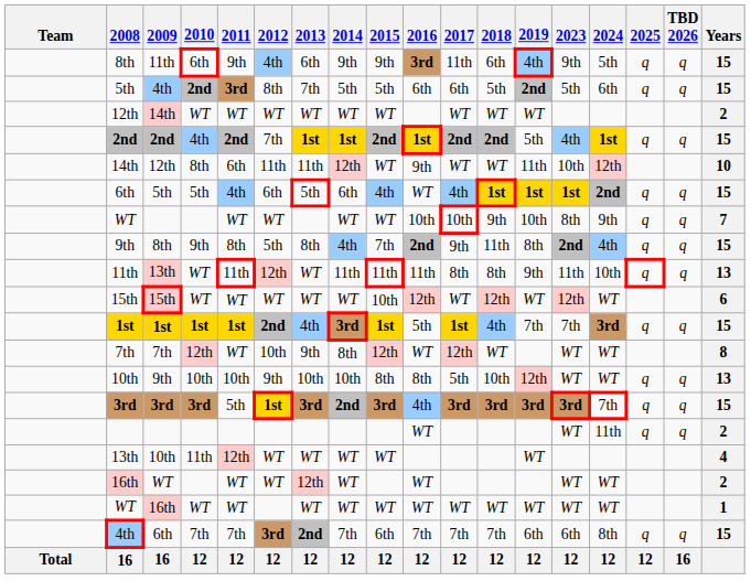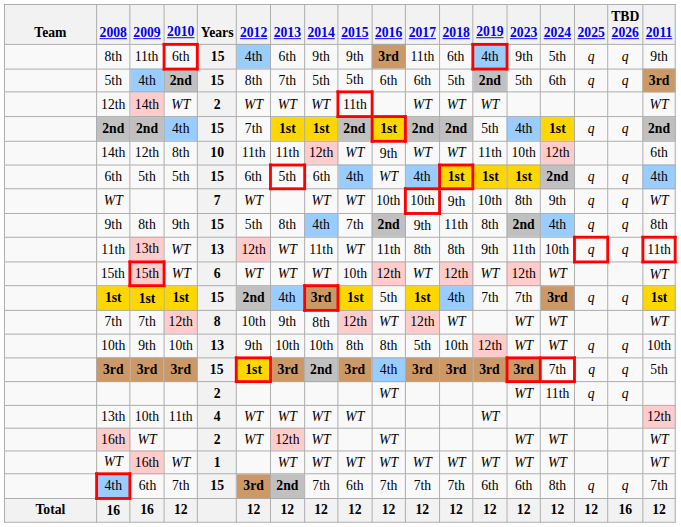 <table class="wikitable sortable" style="text-align:center; font-size:90%">
 <tr valign="bottom">
 <th width=90>Team</th>
 <th><br><a href='#'>2008</a></th>
 <th><br><a href='#'>2009</a></th>
 <th><br><a href='#'>2010</a></th>
-<th><br><a href='#'>2011</a></th>
+<th>Years</th>
 <th><br><a href='#'>2012</a></th>
 <th><br><a href='#'>2013</a></th>
 <th><br><a href='#'>2014</a></th>
 <th><br><a href='#'>2015</a></th>
 <th><br><a href='#'>2016</a></th>
 <th><br><a href='#'>2017</a></th>
 <th><br><a href='#'>2018</a></th>
 <th><br><a href='#'>2019</a></th>
 <th><br><a href='#'>2023</a></th>
 <th><br><a href='#'>2024</a></th>
 <th><br><a href='#'>2025</a></th>
 <th>TBD<br><a href='#'>2026</a></th>
-<th>Years</th>
+<th><br><a href='#'>2011</a></th>
 </tr>
 <tr>
 <td align=left></td>
 <td>8th</td>
 <td>11th</td>
 <td style="border: 3px solid red">6th</td>
-<td>9th</td>
+<th>15</th>
 <td bgcolor=#9acdff>4th</td>
 <td>6th</td>
 <td>9th</td>
 <td>9th</td>
 <td bgcolor=#cc9966><strong>3rd</strong></td>
 <td>11th</td>
 <td>6th</td>
 <td bgcolor=#9acdff style="border: 3px solid red">4th</td>
 <td>9th</td>
 <td>5th</td>
 <td><em>q</em></td>
 <td><em>q</em></td>
-<th>15</th>
+<td>9th</td>
 </tr>
 <tr>
 <td align=left></td>
 <td>5th</td>
 <td bgcolor=#9acdff>4th</td>
 <td bgcolor=silver><strong>2nd</strong></td>
-<td bgcolor=#cc9966><strong>3rd</strong></td>
+<th>15</th>
 <td>8th</td>
 <td>7th</td>
 <td>5th</td>
 <td>5th</td>
 <td>6th</td>
 <td>6th</td>
 <td>5th</td>
 <td bgcolor=silver><strong>2nd</strong></td>
 <td>5th</td>
 <td>6th</td>
 <td><em>q</em></td>
 <td><em>q</em></td>
-<th>15</th>
+<td bgcolor=#cc9966><strong>3rd</strong></td>
 </tr>
 <tr>
 <td align=left></td>
 <td>12th</td>
 <td bgcolor=#ffcccc>14th</td>
 <td><em>WT</em></td>
+<th>2</th>
 <td><em>WT</em></td>
 <td><em>WT</em></td>
 <td><em>WT</em></td>
-<td><em>WT</em></td>
-<td><em>WT</em></td>
+<td style="border: 3px solid red">11th</td>
 <td></td>
 <td><em>WT</em></td>
 <td><em>WT</em></td>
 <td><em>WT</em></td>
 <td></td>
 <td></td>
 <td></td>
 <td></td>
-<th>2</th>
+<td><em>WT</em></td>
 </tr>
 <tr>
 <td align=left></td>
 <td bgcolor=silver><strong>2nd</strong></td>
 <td bgcolor=silver><strong>2nd</strong></td>
 <td bgcolor=#9acdff>4th</td>
-<td bgcolor=silver><strong>2nd</strong></td>
+<th>15</th>
 <td>7th</td>
 <td bgcolor=gold><strong>1st</strong></td>
 <td bgcolor=gold><strong>1st</strong></td>
 <td bgcolor=silver><strong>2nd</strong></td>
 <td bgcolor=gold style="border: 3px solid red"><strong>1st</strong></td>
 <td bgcolor=silver><strong>2nd</strong></td>
 <td bgcolor=silver><strong>2nd</strong></td>
 <td>5th</td>
 <td bgcolor=#9acdff>4th</td>
 <td bgcolor=gold><strong>1st</strong></td>
 <td><em>q</em></td>
 <td><em>q</em></td>
-<th>15</th>
+<td bgcolor=silver><strong>2nd</strong></td>
 </tr>
 <tr>
 <td align=left></td>
 <td>14th</td>
 <td>12th</td>
 <td>8th</td>
-<td>6th</td>
+<th>10</th>
 <td>11th</td>
 <td>11th</td>
 <td bgcolor=#ffcccc>12th</td>
 <td><em>WT</em></td>
 <td>9th</td>
 <td><em>WT</em></td>
 <td><em>WT</em></td>
 <td>11th</td>
 <td>10th</td>
 <td bgcolor=#ffcccc>12th</td>
 <td></td>
 <td></td>
-<th>10</th>
+<td>6th</td>
 </tr>
 <tr>
 <td align=left></td>
 <td>6th</td>
 <td>5th</td>
 <td>5th</td>
-<td bgcolor=#9acdff>4th</td>
+<th>15</th>
 <td>6th</td>
 <td style="border: 3px solid red">5th</td>
 <td>6th</td>
 <td bgcolor=#9acdff>4th</td>
 <td><em>WT</em></td>
 <td bgcolor=#9acdff>4th</td>
 <td bgcolor=gold style="border: 3px solid red"><strong>1st</strong></td>
 <td bgcolor=gold><strong>1st</strong></td>
 <td bgcolor=gold><strong>1st</strong></td>
 <td bgcolor=silver><strong>2nd</strong></td>
 <td><em>q</em></td>
 <td><em>q</em></td>
-<th>15</th>
+<td bgcolor=#9acdff>4th</td>
 </tr>
 <tr>
 <td align=left></td>
 <td><em>WT</em></td>
 <td></td>
 <td></td>
-<td><em>WT</em></td>
+<th>7</th>
 <td><em>WT</em></td>
 <td></td>
 <td><em>WT</em></td>
 <td><em>WT</em></td>
 <td>10th</td>
 <td style="border: 3px solid red">10th</td>
 <td>9th</td>
 <td>10th</td>
 <td>8th</td>
 <td>9th</td>
 <td><em>q</em></td>
 <td><em>q</em></td>
-<th>7</th>
+<td><em>WT</em></td>
 </tr>
 <tr>
 <td align=left></td>
 <td>9th</td>
 <td>8th</td>
 <td>9th</td>
-<td>8th</td>
+<th>15</th>
 <td>5th</td>
 <td>8th</td>
 <td bgcolor=#9acdff>4th</td>
 <td>7th</td>
 <td bgcolor=silver><strong>2nd</strong></td>
 <td>9th</td>
 <td>11th</td>
 <td>8th</td>
 <td bgcolor=silver><strong>2nd</strong></td>
 <td bgcolor=#9acdff>4th</td>
 <td><em>q</em></td>
 <td><em>q</em></td>
-<th>15</th>
+<td>8th</td>
 </tr>
 <tr>
 <td align=left></td>
 <td>11th</td>
 <td bgcolor=#ffcccc>13th</td>
 <td><em>WT</em></td>
-<td style="border: 3px solid red">11th</td>
+<th>13</th>
 <td bgcolor=#ffcccc>12th</td>
 <td><em>WT</em></td>
 <td>11th</td>
-<td style="border: 3px solid red">11th</td>
+<td><em>WT</em></td>
 <td>11th</td>
 <td>8th</td>
 <td>8th</td>
 <td>9th</td>
 <td>11th</td>
 <td>10th</td>
 <td style="border: 3px solid red"><em>q</em></td>
 <td><em>q</em></td>
-<th>13</th>
+<td style="border: 3px solid red">11th</td>
 </tr>
 <tr>
 <td align=left></td>
 <td>15th</td>
 <td bgcolor=#ffcccc style="border: 3px solid red">15th</td>
 <td><em>WT</em></td>
-<td><em>WT</em></td>
+<th>6</th>
 <td><em>WT</em></td>
 <td><em>WT</em></td>
 <td><em>WT</em></td>
 <td>10th</td>
 <td bgcolor=#ffcccc>12th</td>
 <td><em>WT</em></td>
 <td bgcolor=#ffcccc>12th</td>
 <td><em>WT</em></td>
 <td bgcolor=#ffcccc>12th</td>
 <td><em>WT</em></td>
 <td></td>
 <td></td>
-<th>6</th>
+<td><em>WT</em></td>
 </tr>
 <tr>
 <td align=left></td>
 <td bgcolor=gold><strong>1st</strong></td>
 <td bgcolor=gold><strong>1st</strong></td>
 <td bgcolor=gold><strong>1st</strong></td>
-<td bgcolor=gold><strong>1st</strong></td>
+<th>15</th>
 <td bgcolor=silver><strong>2nd</strong></td>
 <td bgcolor=#9acdff>4th</td>
 <td bgcolor=#cc9966 style="border: 3px solid red"><strong>3rd</strong></td>
 <td bgcolor=gold><strong>1st</strong></td>
 <td>5th</td>
 <td bgcolor=gold><strong>1st</strong></td>
 <td bgcolor=#9acdff>4th</td>
 <td>7th</td>
 <td>7th</td>
 <td bgcolor=#cc9966><strong>3rd</strong></td>
 <td><em>q</em></td>
 <td><em>q</em></td>
-<th>15</th>
+<td bgcolor=gold><strong>1st</strong></td>
 </tr>
 <tr>
 <td align=left></td>
 <td>7th</td>
 <td>7th</td>
 <td bgcolor=#ffcccc>12th</td>
-<td><em>WT</em></td>
+<th>8</th>
 <td>10th</td>
 <td>9th</td>
 <td>8th</td>
 <td bgcolor=#ffcccc>12th</td>
 <td><em>WT</em></td>
 <td bgcolor=#ffcccc>12th</td>
 <td><em>WT</em></td>
 <td></td>
 <td><em>WT</em></td>
 <td><em>WT</em></td>
 <td></td>
 <td></td>
-<th>8</th>
+<td><em>WT</em></td>
 </tr>
 <tr>
 <td align=left></td>
 <td>10th</td>
 <td>9th</td>
 <td>10th</td>
-<td>10th</td>
+<th>13</th>
 <td>9th</td>
 <td>10th</td>
 <td>10th</td>
 <td>8th</td>
 <td>8th</td>
 <td>5th</td>
 <td>10th</td>
 <td bgcolor=#ffcccc>12th</td>
 <td><em>WT</em></td>
 <td><em>WT</em></td>
 <td><em>q</em></td>
 <td><em>q</em></td>
-<th>13</th>
+<td>10th</td>
 </tr>
 <tr>
 <td align=left></td>
 <td bgcolor=#cc9966><strong>3rd</strong></td>
 <td bgcolor=#cc9966><strong>3rd</strong></td>
 <td bgcolor=#cc9966><strong>3rd</strong></td>
-<td>5th</td>
+<th>15</th>
 <td bgcolor=gold style="border: 3px solid red"><strong>1st</strong></td>
 <td bgcolor=#cc9966><strong>3rd</strong></td>
 <td bgcolor=silver><strong>2nd</strong></td>
 <td bgcolor=#cc9966><strong>3rd</strong></td>
 <td bgcolor=#9acdff>4th</td>
 <td bgcolor=#cc9966><strong>3rd</strong></td>
 <td bgcolor=#cc9966><strong>3rd</strong></td>
 <td bgcolor=#cc9966><strong>3rd</strong></td>
 <td bgcolor=#cc9966 style="border: 3px solid red"><strong>3rd</strong></td>
 <td style="border: 3px solid red">7th</td>
 <td><em>q</em></td>
 <td><em>q</em></td>
-<th>15</th>
+<td>5th</td>
 </tr>
 <tr>
 <td align=left></td>
 <td></td>
 <td></td>
 <td></td>
-<td></td>
+<th>2</th>
 <td></td>
 <td></td>
 <td></td>
 <td></td>
 <td><em>WT</em></td>
 <td></td>
 <td></td>
 <td></td>
 <td><em>WT</em></td>
 <td>11th</td>
 <td><em>q</em></td>
 <td><em>q</em></td>
-<th>2</th>
+<td></td>
 </tr>
 <tr>
 <td align=left></td>
 <td>13th</td>
 <td>10th</td>
 <td>11th</td>
-<td bgcolor=#ffcccc>12th</td>
+<th>4</th>
 <td><em>WT</em></td>
 <td><em>WT</em></td>
 <td><em>WT</em></td>
 <td><em>WT</em></td>
 <td></td>
 <td></td>
 <td></td>
 <td><em>WT</em></td>
 <td></td>
 <td></td>
 <td></td>
 <td></td>
-<th>4</th>
+<td bgcolor=#ffcccc>12th</td>
 </tr>
 <tr>
 <td align=left></td>
 <td bgcolor=#ffcccc>16th</td>
 <td><em>WT</em></td>
 <td></td>
-<td><em>WT</em></td>
+<th>2</th>
 <td><em>WT</em></td>
 <td bgcolor=#ffcccc>12th</td>
 <td><em>WT</em></td>
 <td></td>
 <td><em>WT</em></td>
 <td></td>
 <td></td>
 <td></td>
 <td><em>WT</em></td>
 <td><em>WT</em></td>
 <td></td>
 <td></td>
-<th>2</th>
+<td><em>WT</em></td>
 </tr>
 <tr>
 <td align=left></td>
 <td><em>WT</em></td>
 <td bgcolor=#ffcccc>16th</td>
 <td><em>WT</em></td>
-<td><em>WT</em></td>
+<th>1</th>
 <td></td>
 <td><em>WT</em></td>
 <td><em>WT</em></td>
 <td><em>WT</em></td>
 <td><em>WT</em></td>
 <td><em>WT</em></td>
 <td><em>WT</em></td>
 <td><em>WT</em></td>
 <td><em>WT</em></td>
 <td><em>WT</em></td>
 <td></td>
 <td></td>
-<th>1</th>
+<td><em>WT</em></td>
 </tr>
 <tr>
 <td align=left></td>
 <td bgcolor=#9acdff style="border: 3px solid red">4th</td>
 <td>6th</td>
 <td>7th</td>
-<td>7th</td>
+<th>15</th>
 <td bgcolor=#cc9966><strong>3rd</strong></td>
 <td bgcolor=silver><strong>2nd</strong></td>
 <td>7th</td>
 <td>6th</td>
 <td>7th</td>
 <td>7th</td>
 <td>7th</td>
 <td>6th</td>
 <td>6th</td>
 <td>8th</td>
 <td><em>q</em></td>
 <td><em>q</em></td>
-<th>15</th>
+<td>7th</td>
 </tr>
 <tr>
 <th>Total</th>
 <th>16</th>
 <th>16</th>
 <th>12</th>
-<th>12</th>
+<th></th>
 <th>12</th>
 <th>12</th>
 <th>12</th>
 <th>12</th>
 <th>12</th>
 <th>12</th>
 <th>12</th>
 <th>12</th>
 <th>12</th>
 <th>12</th>
 <th>12</th>
 <th>16</th>
-<th></th>
+<th>12</th>
 </tr>
 </table>
